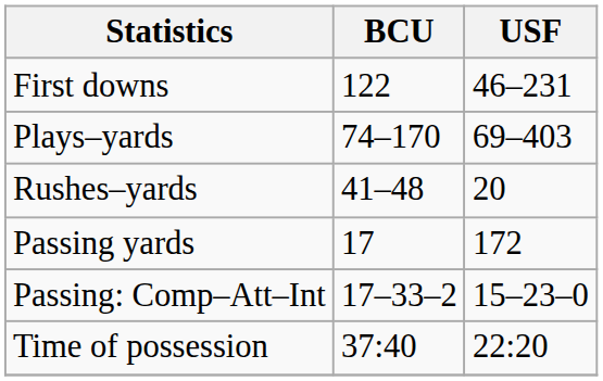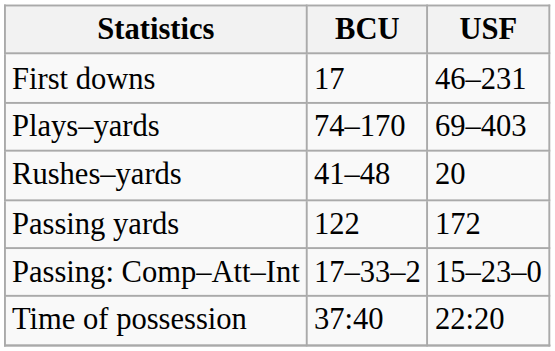 <table class="wikitable" style="float: left;">
 <tr>
 <th>Statistics</th>
 <th>BCU</th>
 <th>USF</th>
 </tr>
 <tr>
 <td>First downs</td>
-<td>122</td>
+<td>17</td>
 <td>46–231</td>
 </tr>
 <tr>
 <td>Plays–yards</td>
 <td>74–170</td>
 <td>69–403</td>
 </tr>
 <tr>
 <td>Rushes–yards</td>
 <td>41–48</td>
 <td>20</td>
 </tr>
 <tr>
 <td>Passing yards</td>
-<td>17</td>
+<td>122</td>
 <td>172</td>
 </tr>
 <tr>
 <td>Passing: Comp–Att–Int</td>
 <td>17–33–2</td>
 <td>15–23–0</td>
 </tr>
 <tr>
 <td>Time of possession</td>
 <td>37:40</td>
 <td>22:20</td>
 </tr>
 <tr>
 </tr>
 </table>
